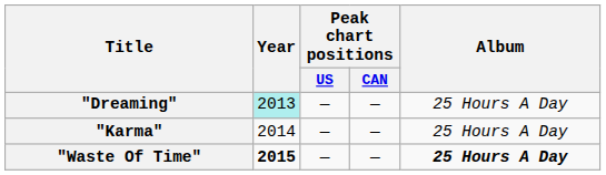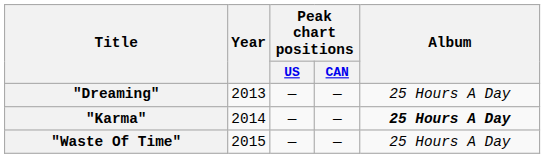 <table class="wikitable plainrowheaders" style="text-align:center;">
 <tr>
 <th scope="col" rowspan="2" style="width:15em;">Title</th>
 <th scope="col" rowspan="2">Year</th>
 <th scope="col" colspan="2">Peak chart positions</th>
 <th scope="col" rowspan="2" style="width:12em;">Album</th>
 </tr>
 <tr>
 <th scope="col" style="width:3em;font-size:90%;"><a href='#'>US</a></th>
 <th scope="col" style="width:3em;font-size:90%;"><a href='#'>CAN</a></th>
 </tr>
 <tr>
 <th scope="row">"Dreaming"</th>
-<td style="background: paleturquoise;">2013</td>
+<td>2013</td>
 <td>—</td>
 <td>—</td>
 <td><em>25 Hours A Day</em></td>
 </tr>
 <tr>
 <th scope="row">"Karma"</th>
 <td>2014</td>
 <td>—</td>
 <td>—</td>
-<td><em>25 Hours A Day</em></td>
+<td><strong><em>25 Hours A Day</em></strong></td>
 </tr>
 <tr>
 <th scope="row">"Waste Of Time"</th>
-<td><strong>2015</strong></td>
+<td>2015</td>
 <td>—</td>
 <td>—</td>
-<td><strong><em>25 Hours A Day</em></strong></td>
+<td><em>25 Hours A Day</em></td>
 </tr>
 </table>
